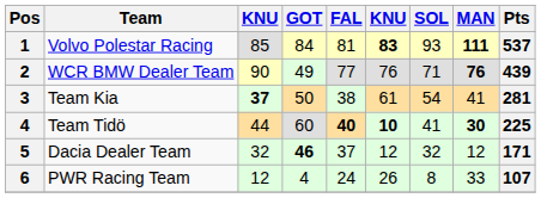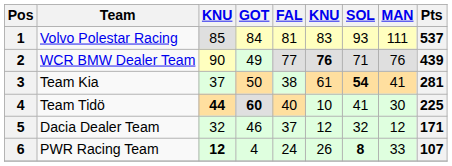 <table class="wikitable" style="fontsize: 85%; text-align: center;">
 <tr valign="top">
 <th valign="middle">Pos</th>
 <th valign="middle">Team</th>
 <th><a href='#'>KNU</a></th>
 <th><a href='#'>GOT</a></th>
 <th><a href='#'>FAL</a></th>
 <th><a href='#'>KNU</a></th>
 <th><a href='#'>SOL</a></th>
 <th><a href='#'>MAN</a></th>
 <th valign="middle">Pts</th>
 </tr>
 <tr>
 <th>1</th>
 <td align="left"><a href='#'>Volvo Polestar Racing</a></td>
 <td style="background:#dfdfdf;">85</td>
 <td style="background:#ffffbf;">84</td>
 <td style="background:#ffffbf;">81</td>
-<td style="background:#ffffbf;"><strong>83</strong></td>
+<td style="background:#ffffbf;">83</td>
 <td style="background:#ffffbf;">93</td>
-<td style="background:#ffffbf;"><strong>111</strong></td>
+<td style="background:#ffffbf;">111</td>
 <th>537</th>
 </tr>
 <tr>
 <th>2</th>
 <td align="left"><a href='#'>WCR BMW Dealer Team</a></td>
 <td style="background:#ffffbf;">90</td>
 <td style="background:#dfffdf;">49</td>
 <td style="background:#dfdfdf;">77</td>
+<td style="background:#dfdfdf;"><strong>76</strong></td>
+<td style="background:#dfdfdf;">71</td>
 <td style="background:#dfdfdf;">76</td>
-<td style="background:#dfdfdf;">71</td>
-<td style="background:#dfdfdf;"><strong>76</strong></td>
 <th>439</th>
 </tr>
 <tr>
 <th>3</th>
 <td align="left">Team Kia</td>
-<td style="background:#dfffdf;"><strong>37</strong></td>
+<td style="background:#dfffdf;">37</td>
 <td style="background:#ffdf9f;">50</td>
 <td style="background:#dfffdf;">38</td>
 <td style="background:#ffdf9f;">61</td>
-<td style="background:#ffdf9f;">54</td>
+<td style="background:#ffdf9f;"><strong>54</strong></td>
 <td style="background:#ffdf9f;">41</td>
 <th>281</th>
 </tr>
 <tr>
 <th>4</th>
 <td align="left">Team Tidö</td>
-<td style="background:#ffdf9f;">44</td>
-<td style="background:#dfdfdf;">60</td>
-<td style="background:#ffdf9f;"><strong>40</strong></td>
-<td style="background:#dfffdf;"><strong>10</strong></td>
+<td style="background:#ffdf9f;"><strong>44</strong></td>
+<td style="background:#dfdfdf;"><strong>60</strong></td>
+<td style="background:#ffdf9f;">40</td>
+<td style="background:#dfffdf;">10</td>
 <td style="background:#dfffdf;">41</td>
-<td style="background:#dfffdf;"><strong>30</strong></td>
+<td style="background:#dfffdf;">30</td>
 <th>225</th>
 </tr>
 <tr>
 <th>5</th>
 <td align="left">Dacia Dealer Team</td>
 <td style="background:#dfffdf;">32</td>
-<td style="background:#dfffdf;"><strong>46</strong></td>
+<td style="background:#dfffdf;">46</td>
 <td style="background:#dfffdf;">37</td>
 <td style="background:#dfffdf;">12</td>
 <td style="background:#dfffdf;">32</td>
 <td style="background:#dfffdf;">12</td>
 <th>171</th>
 </tr>
 <tr>
 <th>6</th>
 <td align="left">PWR Racing Team</td>
-<td style="background:#dfffdf;">12</td>
+<td style="background:#dfffdf;"><strong>12</strong></td>
 <td style="background:#dfffdf;">4</td>
 <td style="background:#dfffdf;">24</td>
 <td style="background:#dfffdf;">26</td>
-<td style="background:#dfffdf;">8</td>
+<td style="background:#dfffdf;"><strong>8</strong></td>
 <td style="background:#dfffdf;">33</td>
 <th>107</th>
 </tr>
 <tr>
 </tr>
 </table>
